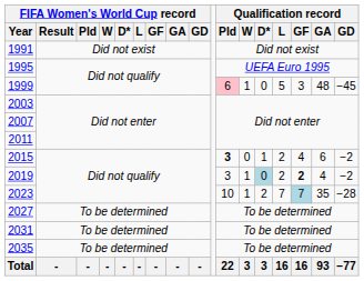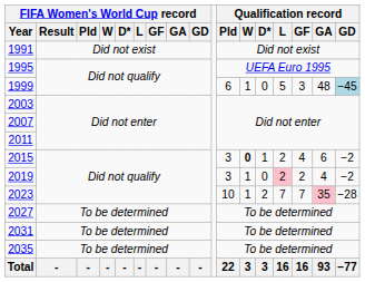 <table class="wikitable" style="text-align: center;">
 <tr>
 <th colspan=9><a href='#'>FIFA Women's World Cup</a> record</th>
 <td rowspan=15></td>
 <th colspan=7>Qualification record</th>
 </tr>
 <tr>
 <th>Year</th>
 <th>Result</th>
 <th>Pld</th>
 <th>W</th>
 <th>D*</th>
 <th>L</th>
 <th>GF</th>
 <th>GA</th>
 <th>GD</th>
 <th>Pld</th>
 <th>W</th>
 <th>D*</th>
 <th>L</th>
 <th>GF</th>
 <th>GA</th>
 <th>GD</th>
 </tr>
 <tr>
 <td> <a href='#'>1991</a></td>
 <td colspan=8><em>Did not exist</em></td>
 <td colspan=7><em>Did not exist</em></td>
 </tr>
 <tr>
 <td> <a href='#'>1995</a></td>
 <td colspan=8 rowspan=2><em>Did not qualify</em></td>
 <td colspan=7><em><a href='#'>UEFA Euro 1995</a></em></td>
 </tr>
 <tr>
 <td> <a href='#'>1999</a></td>
-<td style="background: pink;">6</td>
+<td>6</td>
 <td>1</td>
 <td>0</td>
 <td>5</td>
 <td>3</td>
 <td>48</td>
-<td>−45</td>
+<td style="background: lightblue;">−45</td>
 </tr>
 <tr>
 <td> <a href='#'>2003</a></td>
 <td colspan=8 rowspan=3><em>Did not enter</em></td>
 <td colspan=7 rowspan=3><em>Did not enter</em></td>
 </tr>
 <tr>
 <td> <a href='#'>2007</a></td>
 </tr>
 <tr>
 <td> <a href='#'>2011</a></td>
 </tr>
 <tr>
 <td> <a href='#'>2015</a></td>
 <td colspan=8 rowspan=3><em>Did not qualify</em></td>
-<td><strong>3</strong></td>
-<td>0</td>
+<td>3</td>
+<td><strong>0</strong></td>
 <td>1</td>
 <td>2</td>
 <td>4</td>
 <td>6</td>
 <td>−2</td>
 </tr>
 <tr>
 <td> <a href='#'>2019</a></td>
 <td>3</td>
 <td>1</td>
-<td style="background: lightblue;">0</td>
+<td>0</td>
+<td style="background: pink;">2</td>
 <td>2</td>
-<td><strong>2</strong></td>
 <td>4</td>
 <td>−2</td>
 </tr>
 <tr>
 <td> <a href='#'>2023</a></td>
 <td>10</td>
 <td>1</td>
 <td>2</td>
 <td>7</td>
-<td style="background: lightblue;">7</td>
-<td>35</td>
+<td>7</td>
+<td style="background: pink;">35</td>
 <td>−28</td>
 </tr>
 <tr>
 <td> <a href='#'>2027</a></td>
 <td colspan=8><em>To be determined</em></td>
 <td colspan=7><em>To be determined</em></td>
 </tr>
 <tr>
 <td> <a href='#'>2031</a></td>
 <td colspan=8><em>To be determined</em></td>
 <td colspan=7><em>To be determined</em></td>
 </tr>
 <tr>
 <td> <a href='#'>2035</a></td>
 <td colspan=8><em>To be determined</em></td>
 <td colspan=7><em>To be determined</em></td>
 </tr>
 <tr>
 <th>Total</th>
 <th>-</th>
 <th>-</th>
 <th>-</th>
 <th>-</th>
 <th>-</th>
 <th>-</th>
 <th>-</th>
 <th>-</th>
 <th>22</th>
 <th>3</th>
 <th>3</th>
 <th>16</th>
 <th>16</th>
 <th>93</th>
 <th>−77</th>
 </tr>
 </table>
